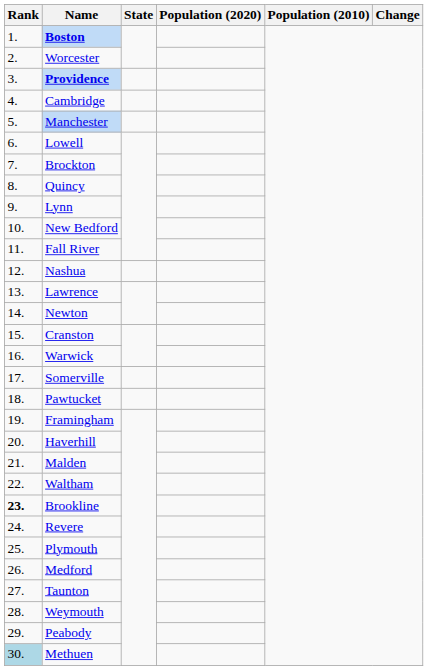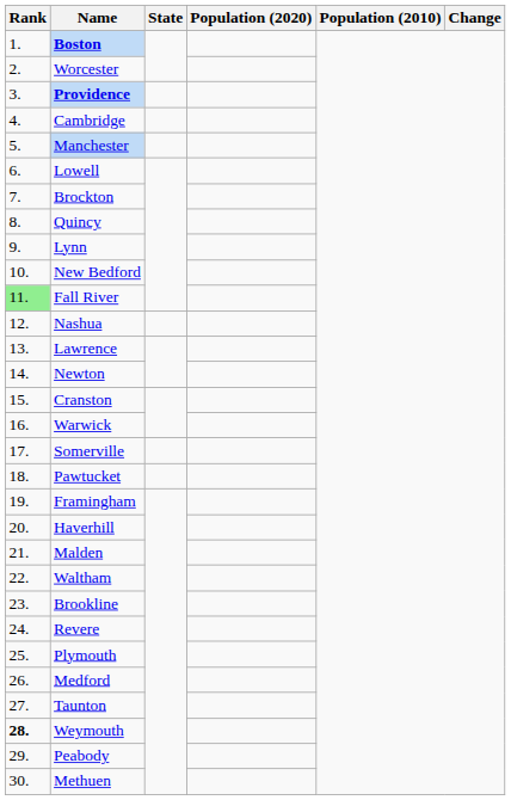 <table class="wikitable sortable">
 <tr>
 <th>Rank</th>
 <th>Name</th>
 <th>State</th>
 <th>Population (2020)</th>
 <th>Population (2010)</th>
 <th>Change</th>
 </tr>
 <tr>
 <td>1.</td>
 <td style="background:#c0dbf7"><strong><a href='#'>Boston</a></strong></td>
 <td rowspan="2"></td>
 <td></td>
 </tr>
 <tr>
 <td>2.</td>
 <td><a href='#'>Worcester</a></td>
 <td></td>
 </tr>
 <tr>
 <td>3.</td>
 <td style="background:#c0dbf7"><strong><a href='#'>Providence</a></strong></td>
 <td></td>
 <td></td>
 </tr>
 <tr>
 <td>4.</td>
 <td><a href='#'>Cambridge</a></td>
 <td></td>
 <td></td>
 </tr>
 <tr>
 <td>5.</td>
 <td style="background:#c0dbf7"><a href='#'>Manchester</a></td>
 <td></td>
 <td></td>
 </tr>
 <tr>
 <td>6.</td>
 <td><a href='#'>Lowell</a></td>
 <td rowspan="6"></td>
 <td></td>
 </tr>
 <tr>
 <td>7.</td>
 <td><a href='#'>Brockton</a></td>
 <td></td>
 </tr>
 <tr>
 <td>8.</td>
 <td><a href='#'>Quincy</a></td>
 <td></td>
 </tr>
 <tr>
 <td>9.</td>
 <td><a href='#'>Lynn</a></td>
 <td></td>
 </tr>
 <tr>
 <td>10.</td>
 <td><a href='#'>New Bedford</a></td>
 <td></td>
 </tr>
 <tr>
-<td>11.</td>
+<td style="background: lightgreen;">11.</td>
 <td><a href='#'>Fall River</a></td>
 <td></td>
 </tr>
 <tr>
 <td>12.</td>
 <td><a href='#'>Nashua</a></td>
 <td></td>
 <td></td>
 </tr>
 <tr>
 <td>13.</td>
 <td><a href='#'>Lawrence</a></td>
 <td rowspan="2"></td>
 <td></td>
 </tr>
 <tr>
 <td>14.</td>
 <td><a href='#'>Newton</a></td>
 <td></td>
 </tr>
 <tr>
 <td>15.</td>
 <td><a href='#'>Cranston</a></td>
 <td rowspan="2"></td>
 <td></td>
 </tr>
 <tr>
 <td>16.</td>
 <td><a href='#'>Warwick</a></td>
 <td></td>
 </tr>
 <tr>
 <td>17.</td>
 <td><a href='#'>Somerville</a></td>
 <td></td>
 <td></td>
 </tr>
 <tr>
 <td>18.</td>
 <td><a href='#'>Pawtucket</a></td>
 <td></td>
 <td></td>
 </tr>
 <tr>
 <td>19.</td>
 <td><a href='#'>Framingham</a></td>
 <td rowspan="12"></td>
 <td></td>
 </tr>
 <tr>
 <td>20.</td>
 <td><a href='#'>Haverhill</a></td>
 <td></td>
 </tr>
 <tr>
 <td>21.</td>
 <td><a href='#'>Malden</a></td>
 <td></td>
 </tr>
 <tr>
 <td>22.</td>
 <td><a href='#'>Waltham</a></td>
 <td></td>
 </tr>
 <tr>
-<td><strong>23.</strong></td>
+<td>23.</td>
 <td><a href='#'>Brookline</a></td>
 <td></td>
 </tr>
 <tr>
 <td>24.</td>
 <td><a href='#'>Revere</a></td>
 <td></td>
 </tr>
 <tr>
 <td>25.</td>
 <td><a href='#'>Plymouth</a></td>
 <td></td>
 </tr>
 <tr>
 <td>26.</td>
 <td><a href='#'>Medford</a></td>
 <td></td>
 </tr>
 <tr>
 <td>27.</td>
 <td><a href='#'>Taunton</a></td>
 <td></td>
 </tr>
 <tr>
-<td>28.</td>
+<td><strong>28.</strong></td>
 <td><a href='#'>Weymouth</a></td>
 <td></td>
 </tr>
 <tr>
 <td>29.</td>
 <td><a href='#'>Peabody</a></td>
 <td></td>
 </tr>
 <tr>
-<td style="background: lightblue;">30.</td>
+<td>30.</td>
 <td><a href='#'>Methuen</a></td>
 <td></td>
 </tr>
 </table>
